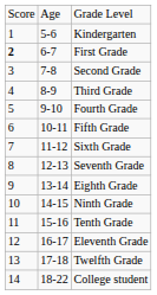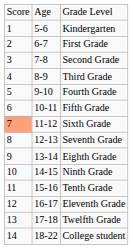 <table class="wikitable">
 <tr>
 <td>Score</td>
 <td>Age</td>
 <td>Grade Level</td>
 </tr>
 <tr>
 <td>1</td>
 <td>5-6</td>
 <td>Kindergarten</td>
 </tr>
 <tr>
-<td><strong>2</strong></td>
+<td>2</td>
 <td>6-7</td>
 <td>First Grade</td>
 </tr>
 <tr>
 <td>3</td>
 <td>7-8</td>
 <td>Second Grade</td>
 </tr>
 <tr>
 <td>4</td>
 <td>8-9</td>
 <td>Third Grade</td>
 </tr>
 <tr>
 <td>5</td>
 <td>9-10</td>
 <td>Fourth Grade</td>
 </tr>
 <tr>
 <td>6</td>
 <td>10-11</td>
 <td>Fifth Grade</td>
 </tr>
 <tr>
-<td>7</td>
+<td style="background: lightsalmon;">7</td>
 <td>11-12</td>
 <td>Sixth Grade</td>
 </tr>
 <tr>
 <td>8</td>
 <td>12-13</td>
 <td>Seventh Grade</td>
 </tr>
 <tr>
 <td>9</td>
 <td>13-14</td>
 <td>Eighth Grade</td>
 </tr>
 <tr>
 <td>10</td>
 <td>14-15</td>
 <td>Ninth Grade</td>
 </tr>
 <tr>
 <td>11</td>
 <td>15-16</td>
 <td>Tenth Grade</td>
 </tr>
 <tr>
 <td>12</td>
 <td>16-17</td>
 <td>Eleventh Grade</td>
 </tr>
 <tr>
 <td>13</td>
 <td>17-18</td>
 <td>Twelfth Grade</td>
 </tr>
 <tr>
 <td>14</td>
 <td>18-22</td>
 <td>College student</td>
 </tr>
 </table>
